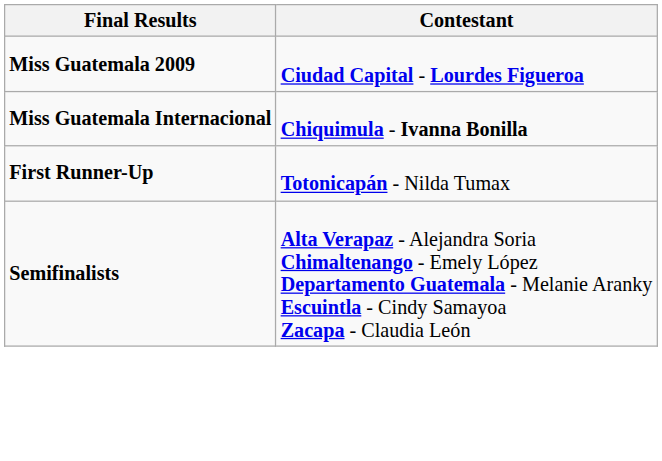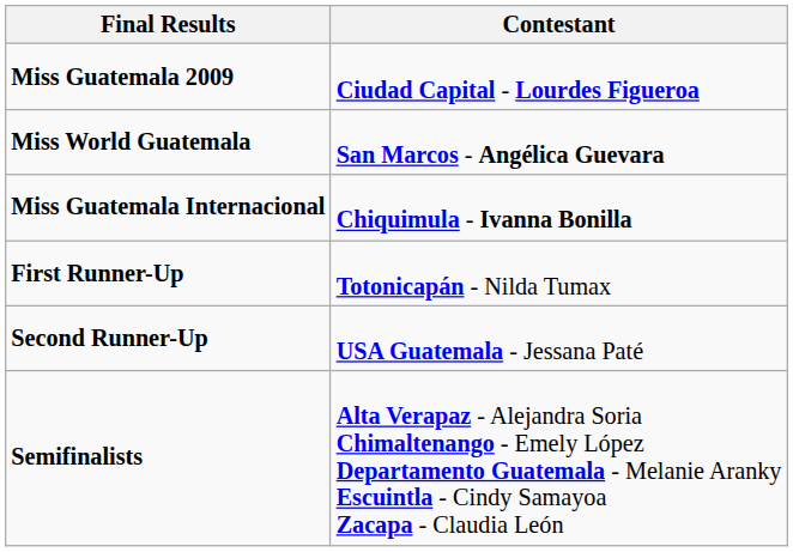 <table class="wikitable" border="1">
 <tr>
 <th>Final Results</th>
 <th>Contestant</th>
 </tr>
 <tr>
 <td><strong>Miss Guatemala 2009</strong></td>
 <td><br> <strong><a href='#'>Ciudad Capital</a></strong> - <strong><a href='#'>Lourdes Figueroa</a></strong></td>
 </tr>
 <tr>
+<td><strong>Miss World Guatemala</strong></td>
+<td><br> <strong><a href='#'>San Marcos</a></strong> - <strong>Angélica Guevara</strong></td>
+</tr>
+<tr>
 <td><strong>Miss Guatemala Internacional</strong></td>
 <td><br> <strong><a href='#'>Chiquimula</a></strong> - <strong>Ivanna Bonilla</strong></td>
 </tr>
 <tr>
 <td><strong>First Runner-Up</strong></td>
 <td><br> <strong><a href='#'>Totonicapán</a></strong> - Nilda Tumax</td>
 </tr>
 <tr>
+<td><strong>Second Runner-Up</strong></td>
+<td><br> <strong><a href='#'>USA Guatemala</a></strong> - Jessana Paté</td>
+</tr>
+<tr>
 <td><strong>Semifinalists</strong></td>
 <td><br> <strong><a href='#'>Alta Verapaz</a></strong> - Alejandra Soria<br>  <strong><a href='#'>Chimaltenango</a></strong> - Emely López <br>  <strong><a href='#'>Departamento Guatemala</a></strong> - Melanie Aranky <br>  <strong><a href='#'>Escuintla</a></strong> - Cindy Samayoa<br> <strong><a href='#'>Zacapa</a></strong> - Claudia León<br></td>
 </tr>
 </table>
